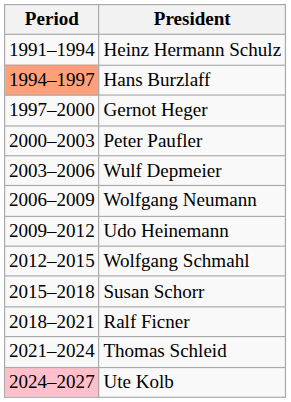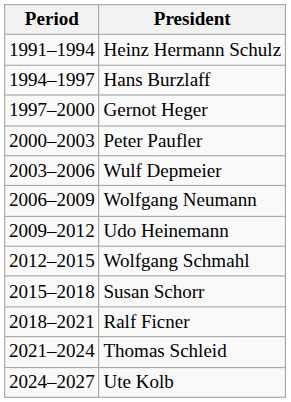 <table class="wikitable">
 <tr>
 <th>Period</th>
 <th>President</th>
 </tr>
 <tr>
 <td>1991–1994</td>
 <td>Heinz Hermann Schulz</td>
 </tr>
 <tr>
-<td style="background: lightsalmon;">1994–1997</td>
+<td>1994–1997</td>
 <td>Hans Burzlaff</td>
 </tr>
 <tr>
 <td>1997–2000</td>
 <td>Gernot Heger</td>
 </tr>
 <tr>
 <td>2000–2003</td>
 <td>Peter Paufler</td>
 </tr>
 <tr>
 <td>2003–2006</td>
 <td>Wulf Depmeier</td>
 </tr>
 <tr>
 <td>2006–2009</td>
 <td>Wolfgang Neumann</td>
 </tr>
 <tr>
 <td>2009–2012</td>
 <td>Udo Heinemann</td>
 </tr>
 <tr>
 <td>2012–2015</td>
 <td>Wolfgang Schmahl</td>
 </tr>
 <tr>
 <td>2015–2018</td>
 <td>Susan Schorr</td>
 </tr>
 <tr>
 <td>2018–2021</td>
 <td>Ralf Ficner</td>
 </tr>
 <tr>
 <td>2021–2024</td>
 <td>Thomas Schleid</td>
 </tr>
 <tr>
-<td style="background: pink;">2024–2027</td>
+<td>2024–2027</td>
 <td>Ute Kolb</td>
 </tr>
 </table>
